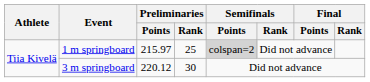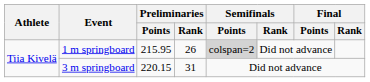 <table class=wikitable style="font-size:90%;">
 <tr>
 <th rowspan="2">Athlete</th>
 <th rowspan="2">Event</th>
 <th colspan="2">Preliminaries</th>
 <th colspan="2">Semifinals</th>
 <th colspan="2">Final</th>
 </tr>
 <tr style="font-size:95%">
 <th>Points</th>
 <th>Rank</th>
 <th>Points</th>
 <th>Rank</th>
 <th>Points</th>
 <th>Rank</th>
 </tr>
 <tr align=center>
 <td align=left rowspan=2><a href='#'>Tiia Kivelä</a></td>
 <td align=left><a href='#'>1 m springboard</a></td>
-<td>215.97</td>
-<td>25</td>
+<td>215.95</td>
+<td>26</td>
 <td style="background: lightgrey;">colspan=2 </td>
 <td colspan=2>Did not advance</td>
 </tr>
 <tr align=center>
 <td align=left><a href='#'>3 m springboard</a></td>
-<td>220.12</td>
-<td>30</td>
+<td>220.15</td>
+<td>31</td>
 <td colspan=4>Did not advance</td>
 </tr>
 </table>
